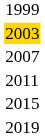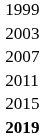 <table>
 <tr>
 <td>1999</td>
 <td></td>
 <td></td>
 <td></td>
 </tr>
 <tr>
-<td style="background: gold;">2003</td>
+<td>2003</td>
 <td></td>
 <td></td>
 <td></td>
 </tr>
 <tr>
 <td>2007</td>
 <td></td>
 <td></td>
 <td></td>
 </tr>
 <tr>
 <td>2011<br></td>
 <td></td>
 <td></td>
 <td></td>
 </tr>
 <tr>
 <td>2015<br></td>
 <td></td>
 <td></td>
 <td></td>
 </tr>
 <tr>
-<td>2019<br></td>
+<td><strong>2019<br></strong></td>
 <td></td>
 <td></td>
 <td></td>
 </tr>
 </table>
